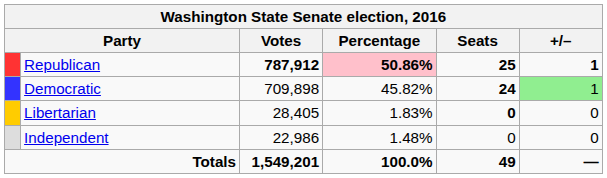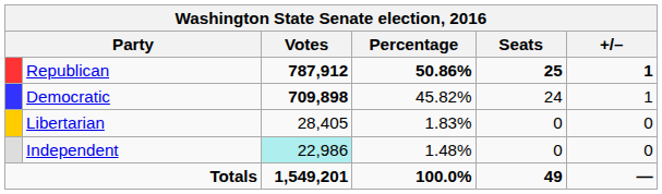 <table class="wikitable" style="font-size:95%;">
 <tr>
 <th colspan="6">Washington  State Senate election, 2016</th>
 </tr>
 <tr>
 <th colspan=2 style="width: 15em">Party</th>
 <th style="width: 5em">Votes</th>
 <th style="width: 7em">Percentage</th>
 <th style="width: 5em">Seats</th>
 <th style="width: 5em">+/–</th>
 </tr>
 <tr>
 <th style="background-color:#FF3333; width: 3px"></th>
 <td style="width: 130px"><a href='#'>Republican</a></td>
 <td align="right"><strong>787,912</strong></td>
-<td align="right" style="background: pink;"><strong>50.86%</strong></td>
+<td align="right"><strong>50.86%</strong></td>
 <td align="right"><strong>25</strong></td>
 <td align="right"><strong> 1</strong></td>
 </tr>
 <tr>
 <th style="background-color:#3333FF; width: 3px"></th>
 <td style="width: 130px"><a href='#'>Democratic</a></td>
-<td align="right">709,898</td>
+<td align="right"><strong>709,898</strong></td>
 <td align="right">45.82%</td>
-<td align="right"><strong>24</strong></td>
-<td align="right" style="background: lightgreen;"> 1</td>
+<td align="right">24</td>
+<td align="right"> 1</td>
 </tr>
 <tr>
 <th style="background-color:#FC0; width: 3px"></th>
 <td style="width: 130px"><a href='#'>Libertarian</a></td>
 <td align="right">28,405</td>
 <td align="right">1.83%</td>
-<td align="right"><strong>0</strong></td>
+<td align="right">0</td>
 <td align="right">0</td>
 </tr>
 <tr>
 <th style="background-color:#DDDDDD; width: 3px"></th>
 <td style="width: 130px"><a href='#'>Independent</a></td>
-<td align="right">22,986</td>
+<td align="right" style="background: paleturquoise;">22,986</td>
 <td align="right">1.48%</td>
 <td align="right">0</td>
 <td align="right">0</td>
 </tr>
 <tr>
 <td colspan="2" align="right"><strong>Totals</strong></td>
 <td align="right"><strong>1,549,201</strong></td>
 <td align="right"><strong>100.0%</strong></td>
 <td align="right"><strong>49</strong></td>
 <td align="right"><strong>—</strong></td>
 </tr>
 </table>
